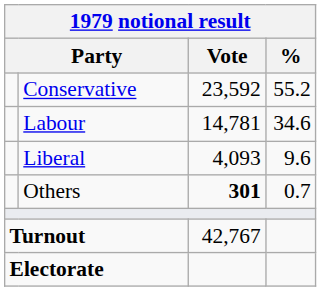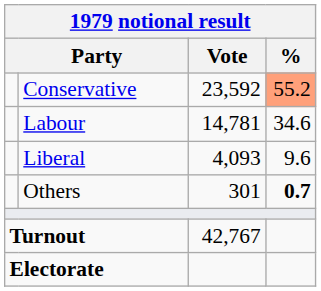 <table class="wikitable">
 <tr>
 <th colspan="4"><a href='#'>1979</a> <a href='#'>notional result</a></th>
 </tr>
 <tr>
 <th bgcolor="#DDDDFF" width="130px" colspan="2">Party</th>
 <th bgcolor="#DDDDFF" width="50px">Vote</th>
 <th bgcolor="#DDDDFF" width="30px">%</th>
 </tr>
 <tr>
 <td></td>
 <td><a href='#'>Conservative</a></td>
 <td align=right>23,592</td>
-<td align=right>55.2</td>
+<td align=right style="background: lightsalmon;">55.2</td>
 </tr>
 <tr>
 <td></td>
 <td><a href='#'>Labour</a></td>
 <td align=right>14,781</td>
 <td align=right>34.6</td>
 </tr>
 <tr>
 <td></td>
 <td><a href='#'>Liberal</a></td>
 <td align=right>4,093</td>
 <td align=right>9.6</td>
 </tr>
 <tr>
 <td></td>
 <td>Others</td>
-<td align=right><strong>301</strong></td>
-<td align=right>0.7</td>
+<td align=right>301</td>
+<td align=right><strong>0.7</strong></td>
 </tr>
 <tr>
 <td colspan="4" bgcolor="#EAECF0"></td>
 </tr>
 <tr>
 <td colspan="2"><strong>Turnout</strong></td>
 <td align=right>42,767</td>
 <td align=right></td>
 </tr>
 <tr>
 <td colspan="2"><strong>Electorate</strong></td>
 <td align=right></td>
 </tr>
 </table>
